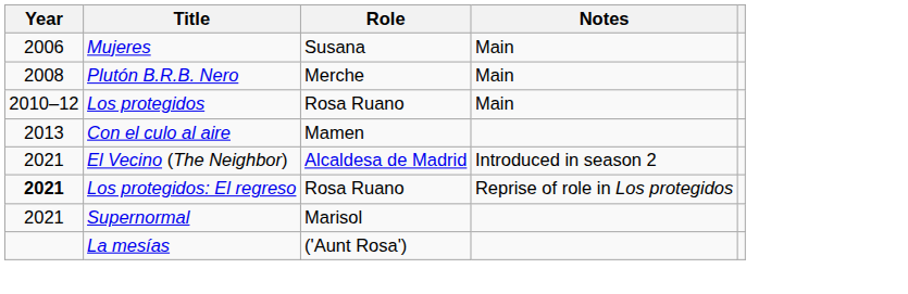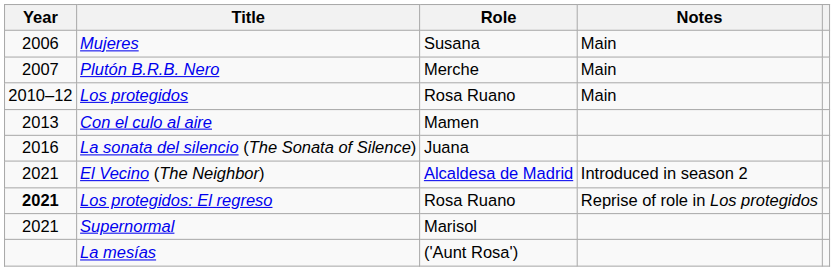 <table class="wikitable sortable">
 <tr>
 <th>Year</th>
 <th>Title</th>
 <th>Role</th>
 <th class="unsortable">Notes</th>
 <th class="unsortable"></th>
 </tr>
 <tr>
 <td align = "center">2006</td>
 <td><em><a href='#'>Mujeres</a></em></td>
 <td>Susana</td>
 <td>Main</td>
 <td align = "center"></td>
 </tr>
 <tr>
-<td align = "center">2008</td>
+<td align = "center">2007</td>
 <td><em><a href='#'>Plutón B.R.B. Nero</a></em></td>
 <td>Merche</td>
 <td>Main</td>
 <td align = "center"></td>
 </tr>
 <tr>
 <td align = "center">2010–12</td>
 <td><em><a href='#'>Los protegidos</a></em></td>
 <td>Rosa Ruano</td>
 <td>Main</td>
 <td align = "center"></td>
 </tr>
 <tr>
 <td align = "center">2013</td>
 <td><em><a href='#'>Con el culo al aire</a></em></td>
 <td>Mamen</td>
+<td></td>
+<td align = "center"></td>
+</tr>
+<tr>
+<td align = "center">2016</td>
+<td><em><a href='#'>La sonata del silencio</a></em> (<em>The Sonata of Silence</em>)</td>
+<td>Juana</td>
 <td></td>
 <td align = "center"></td>
 </tr>
 <tr>
 <td align = "center">2021</td>
 <td><em><a href='#'>El Vecino</a></em> (<em>The Neighbor</em>)</td>
 <td><a href='#'>Alcaldesa de Madrid</a></td>
 <td>Introduced in season 2</td>
 <td align = "center"></td>
 </tr>
 <tr>
 <td align = "center"><strong>2021</strong></td>
 <td><em><a href='#'>Los protegidos: El regreso</a></em></td>
 <td>Rosa Ruano</td>
 <td>Reprise of role in <em>Los protegidos</em></td>
 <td align = "center"></td>
 </tr>
 <tr>
 <td align="center">2021</td>
 <td><em><a href='#'>Supernormal</a></em></td>
 <td>Marisol</td>
 <td></td>
 <td align = "center"></td>
 </tr>
 <tr>
 <td></td>
 <td><em><a href='#'>La mesías</a></em></td>
 <td> ('Aunt Rosa')</td>
 <td></td>
 <td></td>
 </tr>
 </table>
